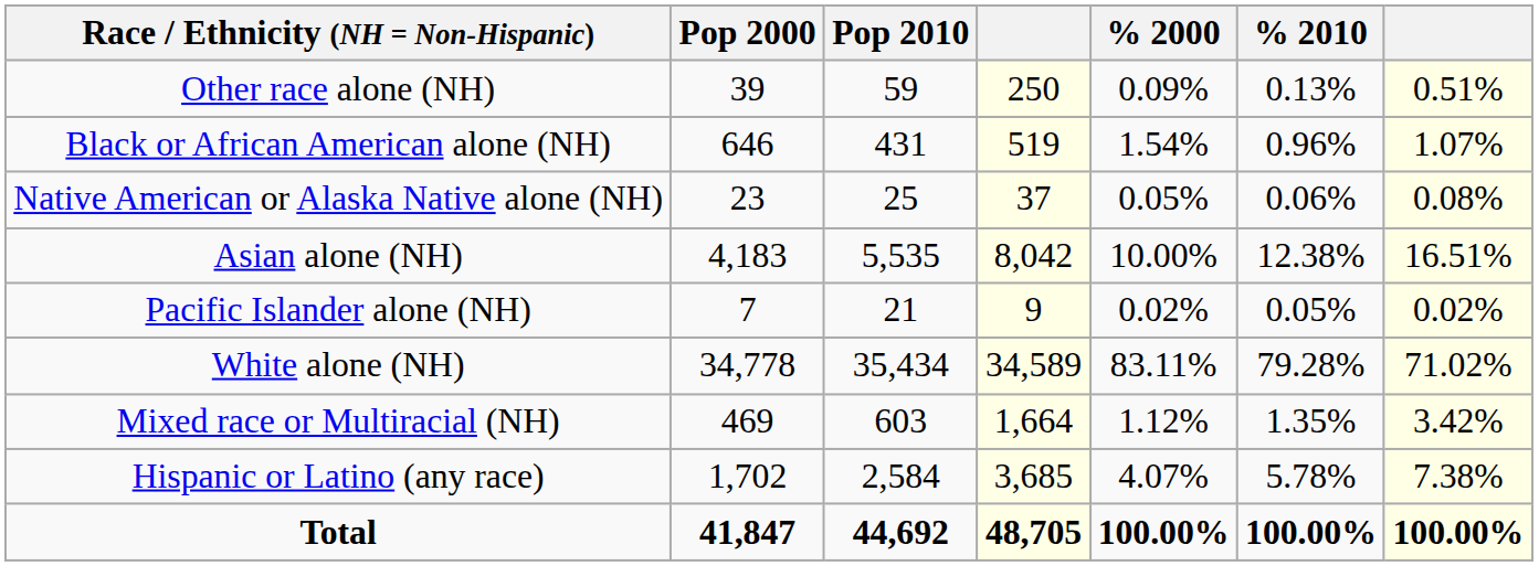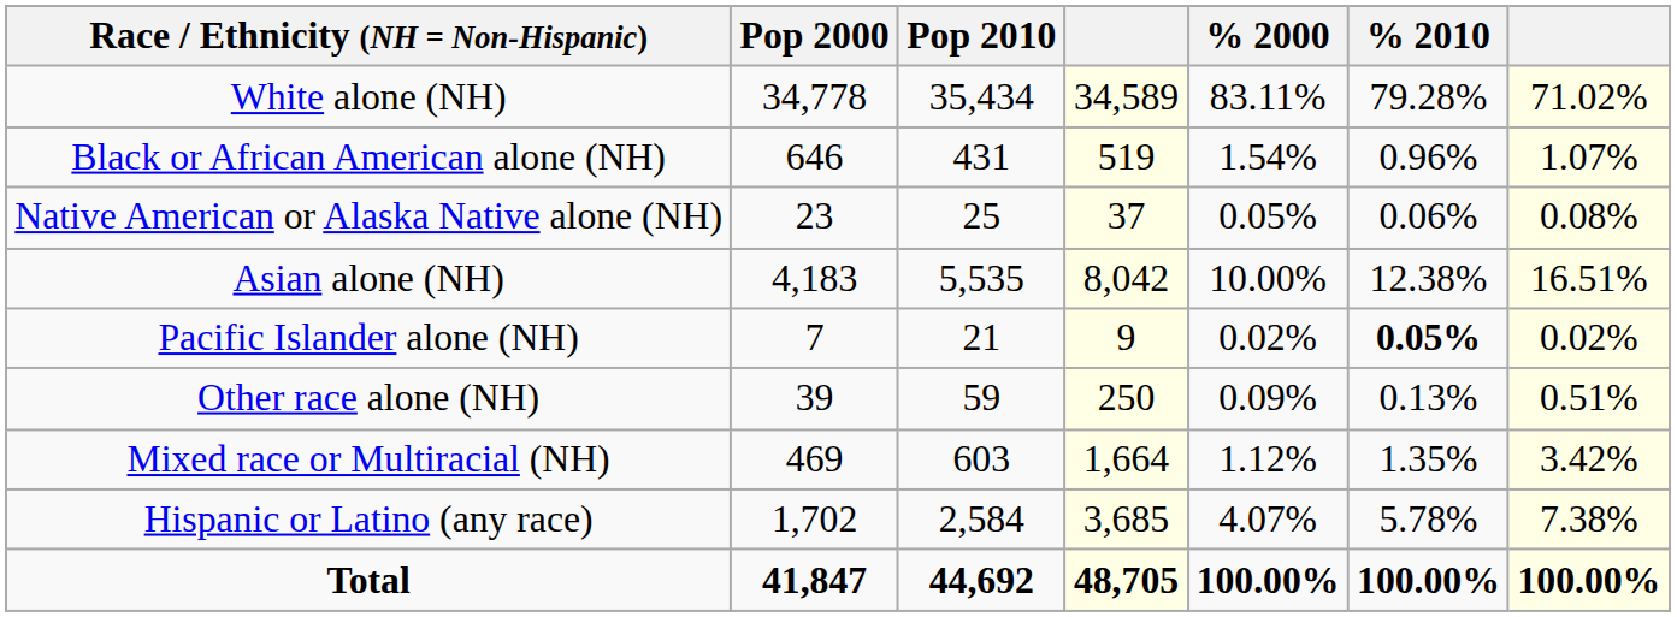 <table class="wikitable" style="text-align:center;">
 <tr>
 <th>Race / Ethnicity <small>(<em>NH = Non-Hispanic</em>)</small></th>
 <th>Pop 2000</th>
 <th>Pop 2010</th>
 <th></th>
 <th>% 2000</th>
 <th>% 2010</th>
 <th></th>
 </tr>
 <tr>
-<td><a href='#'>Other race</a> alone (NH)</td>
-<td>39</td>
-<td>59</td>
-<td style='background: #ffffe6;'>250</td>
-<td>0.09%</td>
-<td>0.13%</td>
-<td style='background: #ffffe6;'>0.51%</td>
+<td><a href='#'>White</a> alone (NH)</td>
+<td>34,778</td>
+<td>35,434</td>
+<td style='background: #ffffe6;'>34,589</td>
+<td>83.11%</td>
+<td>79.28%</td>
+<td style='background: #ffffe6;'>71.02%</td>
 </tr>
 <tr>
 <td><a href='#'>Black or African American</a> alone (NH)</td>
 <td>646</td>
 <td>431</td>
 <td style='background: #ffffe6;'>519</td>
 <td>1.54%</td>
 <td>0.96%</td>
 <td style='background: #ffffe6;'>1.07%</td>
 </tr>
 <tr>
 <td><a href='#'>Native American</a> or <a href='#'>Alaska Native</a> alone (NH)</td>
 <td>23</td>
 <td>25</td>
 <td style='background: #ffffe6;'>37</td>
 <td>0.05%</td>
 <td>0.06%</td>
 <td style='background: #ffffe6;'>0.08%</td>
 </tr>
 <tr>
 <td><a href='#'>Asian</a> alone (NH)</td>
 <td>4,183</td>
 <td>5,535</td>
 <td style='background: #ffffe6;'>8,042</td>
 <td>10.00%</td>
 <td>12.38%</td>
 <td style='background: #ffffe6;'>16.51%</td>
 </tr>
 <tr>
 <td><a href='#'>Pacific Islander</a> alone (NH)</td>
 <td>7</td>
 <td>21</td>
 <td style='background: #ffffe6;'>9</td>
 <td>0.02%</td>
-<td>0.05%</td>
+<td><strong>0.05%</strong></td>
 <td style='background: #ffffe6;'>0.02%</td>
 </tr>
 <tr>
-<td><a href='#'>White</a> alone (NH)</td>
-<td>34,778</td>
-<td>35,434</td>
-<td style='background: #ffffe6;'>34,589</td>
-<td>83.11%</td>
-<td>79.28%</td>
-<td style='background: #ffffe6;'>71.02%</td>
+<td><a href='#'>Other race</a> alone (NH)</td>
+<td>39</td>
+<td>59</td>
+<td style='background: #ffffe6;'>250</td>
+<td>0.09%</td>
+<td>0.13%</td>
+<td style='background: #ffffe6;'>0.51%</td>
 </tr>
 <tr>
 <td><a href='#'>Mixed race or Multiracial</a> (NH)</td>
 <td>469</td>
 <td>603</td>
 <td style='background: #ffffe6;'>1,664</td>
 <td>1.12%</td>
 <td>1.35%</td>
 <td style='background: #ffffe6;'>3.42%</td>
 </tr>
 <tr>
 <td><a href='#'>Hispanic or Latino</a> (any race)</td>
 <td>1,702</td>
 <td>2,584</td>
 <td style='background: #ffffe6;'>3,685</td>
 <td>4.07%</td>
 <td>5.78%</td>
 <td style='background: #ffffe6;'>7.38%</td>
 </tr>
 <tr>
 <td><strong>Total</strong></td>
 <td><strong>41,847</strong></td>
 <td><strong>44,692</strong></td>
 <td style='background: #ffffe6;'><strong>48,705</strong></td>
 <td><strong>100.00%</strong></td>
 <td><strong>100.00%</strong></td>
 <td style='background: #ffffe6;'><strong>100.00%</strong></td>
 </tr>
 </table>
